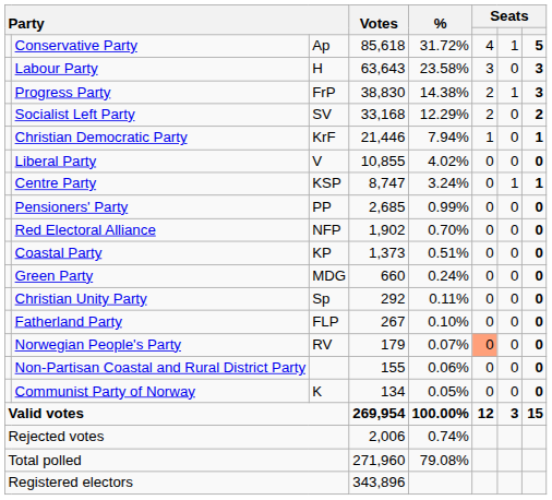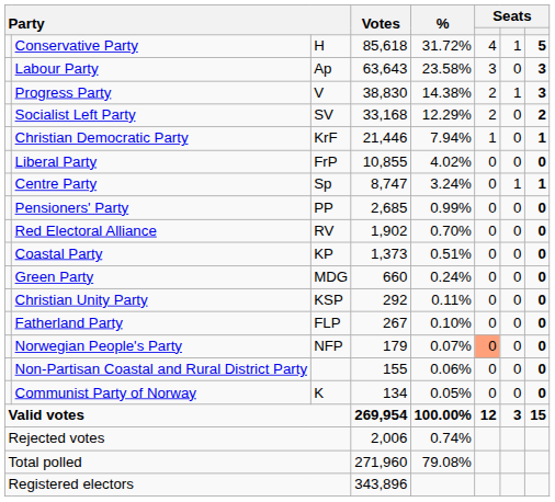 <table class="wikitable" border="1" style="text-align:right;">
 <tr>
 <th style="text-align:left;" valign=bottom rowspan=2 colspan=3>Party</th>
 <th align=center valign=bottom rowspan=2 width="50">Votes</th>
 <th align=center valign=bottom rowspan=2 width="50">%</th>
 <th colspan=3>Seats</th>
 </tr>
 <tr>
 <th align=center valign=bottom width="20"><small></small></th>
 <th align=center valign=bottom width="20"><small><a href='#'></a></small></th>
 <th align=center valign=bottom width="20"><small></small></th>
 </tr>
 <tr>
 <td style="color:inherit;background:"></td>
 <td align=left><a href='#'>Conservative Party</a></td>
-<td align=left>Ap</td>
+<td align=left>H</td>
 <td>85,618</td>
 <td>31.72%</td>
 <td>4</td>
 <td>1</td>
 <td><strong>5</strong></td>
 </tr>
 <tr>
 <td style="color:inherit;background:"></td>
 <td align=left><a href='#'>Labour Party</a></td>
-<td align=left>H</td>
+<td align=left>Ap</td>
 <td>63,643</td>
 <td>23.58%</td>
 <td>3</td>
 <td>0</td>
 <td><strong>3</strong></td>
 </tr>
 <tr>
 <td style="color:inherit;background:"></td>
 <td align=left><a href='#'>Progress Party</a></td>
-<td align=left>FrP</td>
+<td align=left>V</td>
 <td>38,830</td>
 <td>14.38%</td>
 <td>2</td>
 <td>1</td>
 <td><strong>3</strong></td>
 </tr>
 <tr>
 <td style="color:inherit;background:"></td>
 <td align=left><a href='#'>Socialist Left Party</a></td>
 <td align=left>SV</td>
 <td>33,168</td>
 <td>12.29%</td>
 <td>2</td>
 <td>0</td>
 <td><strong>2</strong></td>
 </tr>
 <tr>
 <td style="color:inherit;background:"></td>
 <td align=left><a href='#'>Christian Democratic Party</a></td>
 <td align=left>KrF</td>
 <td>21,446</td>
 <td>7.94%</td>
 <td>1</td>
 <td>0</td>
 <td><strong>1</strong></td>
 </tr>
 <tr>
 <td style="color:inherit;background:"></td>
 <td align=left><a href='#'>Liberal Party</a></td>
-<td align=left>V</td>
+<td align=left>FrP</td>
 <td>10,855</td>
 <td>4.02%</td>
 <td>0</td>
 <td>0</td>
 <td><strong>0</strong></td>
 </tr>
 <tr>
 <td style="color:inherit;background:"></td>
 <td align=left><a href='#'>Centre Party</a></td>
-<td align=left>KSP</td>
+<td align=left>Sp</td>
 <td>8,747</td>
 <td>3.24%</td>
 <td>0</td>
 <td>1</td>
 <td><strong>1</strong></td>
 </tr>
 <tr>
 <td style="color:inherit;background:"></td>
 <td align=left><a href='#'>Pensioners' Party</a></td>
 <td align=left>PP</td>
 <td>2,685</td>
 <td>0.99%</td>
 <td>0</td>
 <td>0</td>
 <td><strong>0</strong></td>
 </tr>
 <tr>
 <td style="color:inherit;background:"></td>
 <td align=left><a href='#'>Red Electoral Alliance</a></td>
-<td align=left>NFP</td>
+<td align=left>RV</td>
 <td>1,902</td>
 <td>0.70%</td>
 <td>0</td>
 <td>0</td>
 <td><strong>0</strong></td>
 </tr>
 <tr>
 <td style="color:inherit;background:"></td>
 <td align=left><a href='#'>Coastal Party</a></td>
 <td align=left>KP</td>
 <td>1,373</td>
 <td>0.51%</td>
 <td>0</td>
 <td>0</td>
 <td><strong>0</strong></td>
 </tr>
 <tr>
 <td style="color:inherit;background:"></td>
 <td align=left><a href='#'>Green Party</a></td>
 <td align=left>MDG</td>
 <td>660</td>
 <td>0.24%</td>
 <td>0</td>
 <td>0</td>
 <td><strong>0</strong></td>
 </tr>
 <tr>
 <td style="color:inherit;background:"></td>
 <td align=left><a href='#'>Christian Unity Party</a></td>
-<td align=left>Sp</td>
+<td align=left>KSP</td>
 <td>292</td>
 <td>0.11%</td>
 <td>0</td>
 <td>0</td>
 <td><strong>0</strong></td>
 </tr>
 <tr>
 <td style="color:inherit;background:"></td>
 <td align=left><a href='#'>Fatherland Party</a></td>
 <td align=left>FLP</td>
 <td>267</td>
 <td>0.10%</td>
 <td>0</td>
 <td>0</td>
 <td><strong>0</strong></td>
 </tr>
 <tr>
 <td style="color:inherit;background:"></td>
 <td align=left><a href='#'>Norwegian People's Party</a></td>
-<td align=left>RV</td>
+<td align=left>NFP</td>
 <td>179</td>
 <td>0.07%</td>
 <td style="background: lightsalmon;">0</td>
 <td>0</td>
 <td><strong>0</strong></td>
 </tr>
 <tr>
 <td></td>
 <td align=left><a href='#'>Non-Partisan Coastal and Rural District Party</a></td>
 <td align=left></td>
 <td>155</td>
 <td>0.06%</td>
 <td>0</td>
 <td>0</td>
 <td><strong>0</strong></td>
 </tr>
 <tr>
 <td style="color:inherit;background:"></td>
 <td align=left><a href='#'>Communist Party of Norway</a></td>
 <td align=left>K</td>
 <td>134</td>
 <td>0.05%</td>
 <td>0</td>
 <td>0</td>
 <td><strong>0</strong></td>
 </tr>
 <tr style="font-weight:bold">
 <td align=left colspan=3>Valid votes</td>
 <td>269,954</td>
 <td>100.00%</td>
 <td>12</td>
 <td>3</td>
 <td>15</td>
 </tr>
 <tr>
 <td align=left colspan=3>Rejected votes</td>
 <td>2,006</td>
 <td>0.74%</td>
 <td></td>
 <td></td>
 <td></td>
 </tr>
 <tr>
 <td align=left colspan=3>Total polled</td>
 <td>271,960</td>
 <td>79.08%</td>
 <td></td>
 <td></td>
 <td></td>
 </tr>
 <tr>
 <td align=left colspan=3>Registered electors</td>
 <td>343,896</td>
 <td></td>
 <td></td>
 <td></td>
 <td></td>
 </tr>
 </table>
